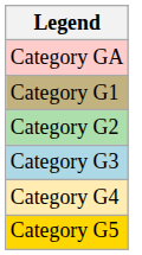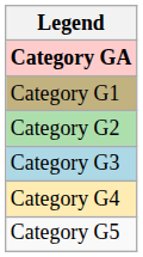 <table class="wikitable" style="font-size:85%;">
 <tr>
 <th>Legend</th>
 </tr>
 <tr bgcolor="#FFCCCC">
-<td>Category GA</td>
+<td><strong>Category GA</strong></td>
 </tr>
 <tr bgcolor="#C2B280">
 <td>Category G1</td>
 </tr>
 <tr bgcolor="#ADDFAD">
 <td>Category G2</td>
 </tr>
 <tr bgcolor="lightblue">
 <td>Category G3</td>
 </tr>
 <tr bgcolor="#ffecb2">
 <td>Category G4</td>
 </tr>
 <tr>
-<td style="background: gold;">Category G5</td>
+<td>Category G5</td>
 </tr>
 </table>
